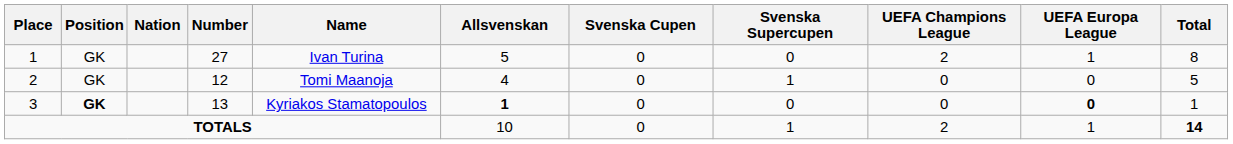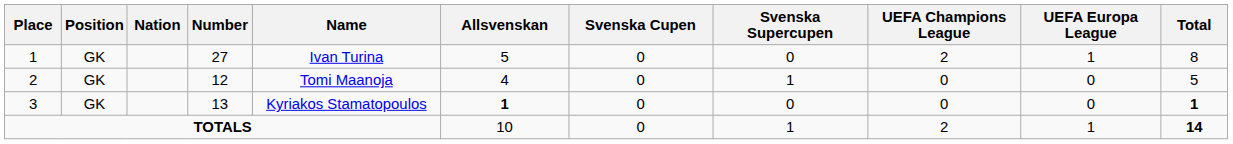 <table class="wikitable" style="font-size: 95%; text-align: center;">
 <tr>
 <th width=60>Place</th>
 <th width=60>Position</th>
 <th width=60>Nation</th>
 <th width=60>Number</th>
 <th width=250>Name</th>
 <th width=150>Allsvenskan</th>
 <th width=200>Svenska Cupen</th>
 <th width=200>Svenska Supercupen</th>
 <th width=200>UEFA Champions League</th>
 <th width=200>UEFA Europa League</th>
 <th width=80><strong>Total</strong></th>
 </tr>
 <tr>
 <td>1</td>
 <td>GK</td>
 <td></td>
 <td>27</td>
 <td><a href='#'>Ivan Turina</a></td>
 <td>5</td>
 <td>0</td>
 <td>0</td>
 <td>2</td>
 <td>1</td>
 <td>8</td>
 </tr>
 <tr>
 <td>2</td>
 <td>GK</td>
 <td></td>
 <td>12</td>
 <td><a href='#'>Tomi Maanoja</a></td>
 <td>4</td>
 <td>0</td>
 <td>1</td>
 <td>0</td>
 <td>0</td>
 <td>5</td>
 </tr>
 <tr>
 <td>3</td>
-<td><strong>GK</strong></td>
+<td>GK</td>
 <td></td>
 <td>13</td>
 <td><a href='#'>Kyriakos Stamatopoulos</a></td>
 <td><strong>1</strong></td>
 <td>0</td>
 <td>0</td>
 <td>0</td>
-<td><strong>0</strong></td>
-<td>1</td>
+<td>0</td>
+<td><strong>1</strong></td>
 </tr>
 <tr>
 <td colspan="5"><strong>TOTALS</strong></td>
 <td>10</td>
 <td>0</td>
 <td>1</td>
 <td>2</td>
 <td>1</td>
 <td><strong>14</strong></td>
 </tr>
 </table>
